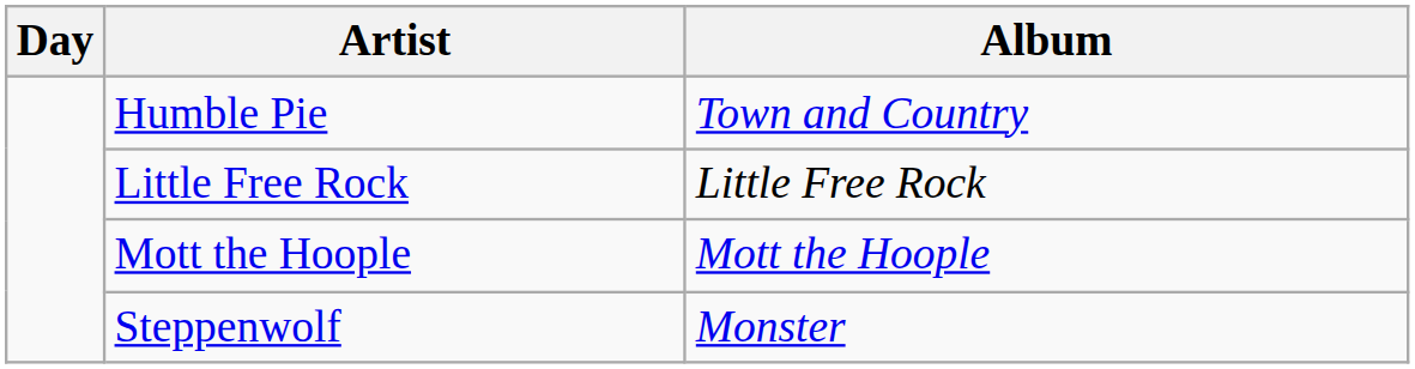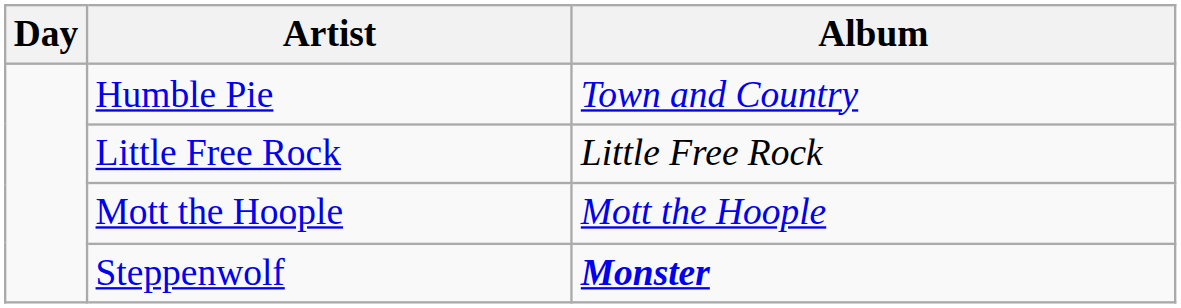 <table class="wikitable" border="1">
 <tr>
 <th>Day</th>
 <th width="200">Artist</th>
 <th width="250">Album</th>
 </tr>
 <tr>
 <td rowspan="4" style="text-align:center;"></td>
 <td><a href='#'>Humble Pie</a></td>
 <td><em><a href='#'>Town and Country</a></em></td>
 </tr>
 <tr>
 <td><a href='#'>Little Free Rock</a></td>
 <td><em>Little Free Rock</em></td>
 </tr>
 <tr>
 <td><a href='#'>Mott the Hoople</a></td>
 <td><em><a href='#'>Mott the Hoople</a></em></td>
 </tr>
 <tr>
 <td><a href='#'>Steppenwolf</a></td>
-<td><em><a href='#'>Monster</a></em></td>
+<td><strong><em><a href='#'>Monster</a></em></strong></td>
 </tr>
 </table>
